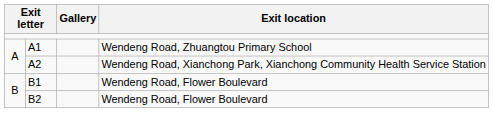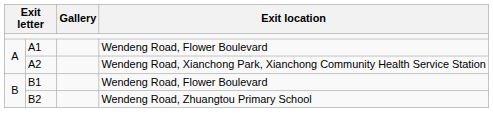 <table class="wikitable">
 <tr>
 <th colspan=2 style="width:70px">Exit letter</th>
 <th>Gallery</th>
 <th>Exit location</th>
 </tr>
 <tr style="background:#">
 <td colspan="4"></td>
 </tr>
 <tr>
 <td rowspan=2 align=center>A</td>
 <td>A1</td>
 <td></td>
-<td>Wendeng Road, Zhuangtou Primary School</td>
+<td>Wendeng Road, Flower Boulevard</td>
 </tr>
 <tr>
 <td>A2</td>
 <td></td>
 <td>Wendeng Road, Xianchong Park, Xianchong Community Health Service Station</td>
 </tr>
 <tr>
 <td rowspan=2 align=center>B</td>
 <td>B1</td>
 <td></td>
 <td>Wendeng Road, Flower Boulevard</td>
 </tr>
 <tr>
 <td>B2</td>
 <td></td>
-<td>Wendeng Road, Flower Boulevard</td>
+<td>Wendeng Road, Zhuangtou Primary School</td>
 </tr>
 </table>
